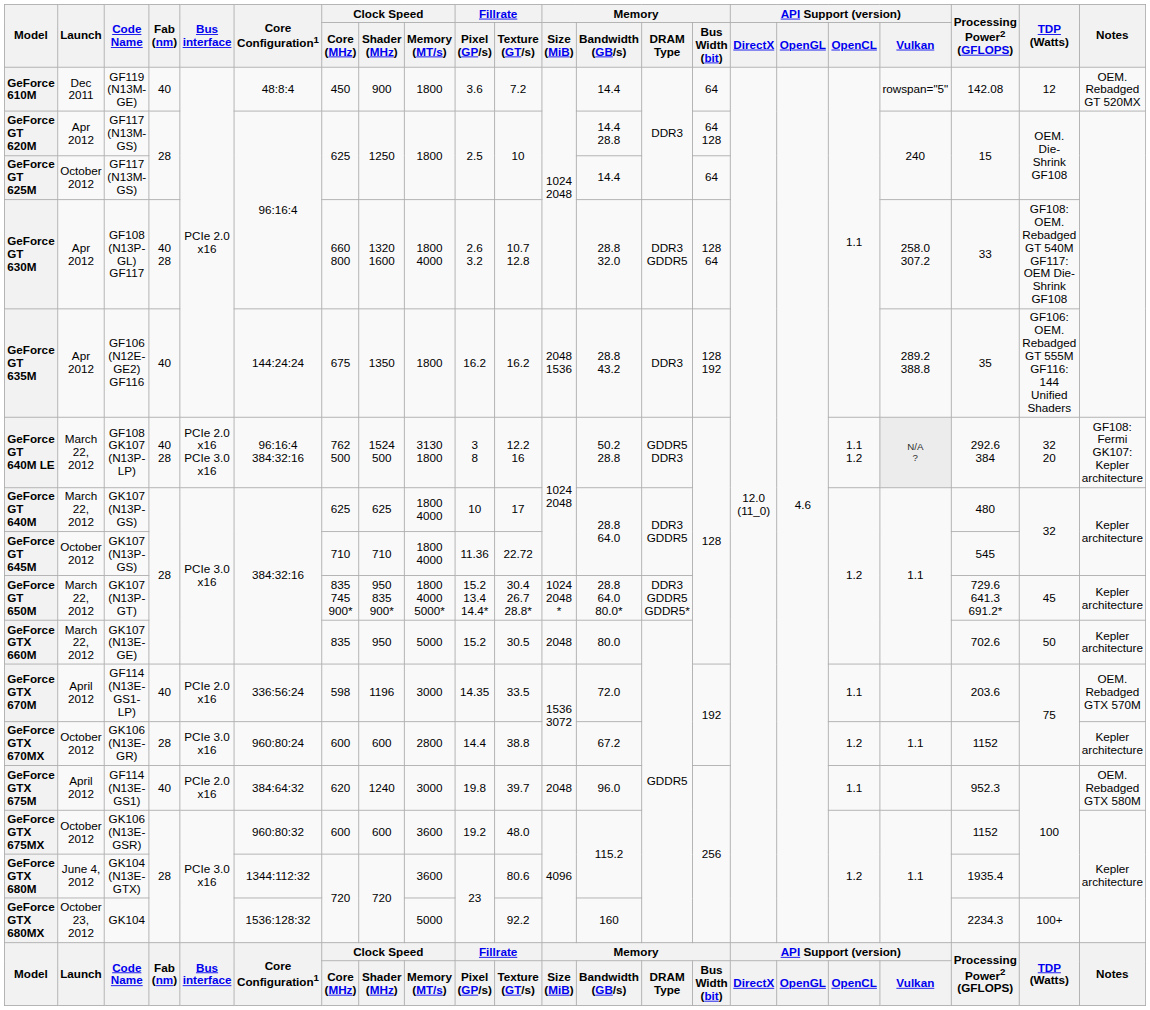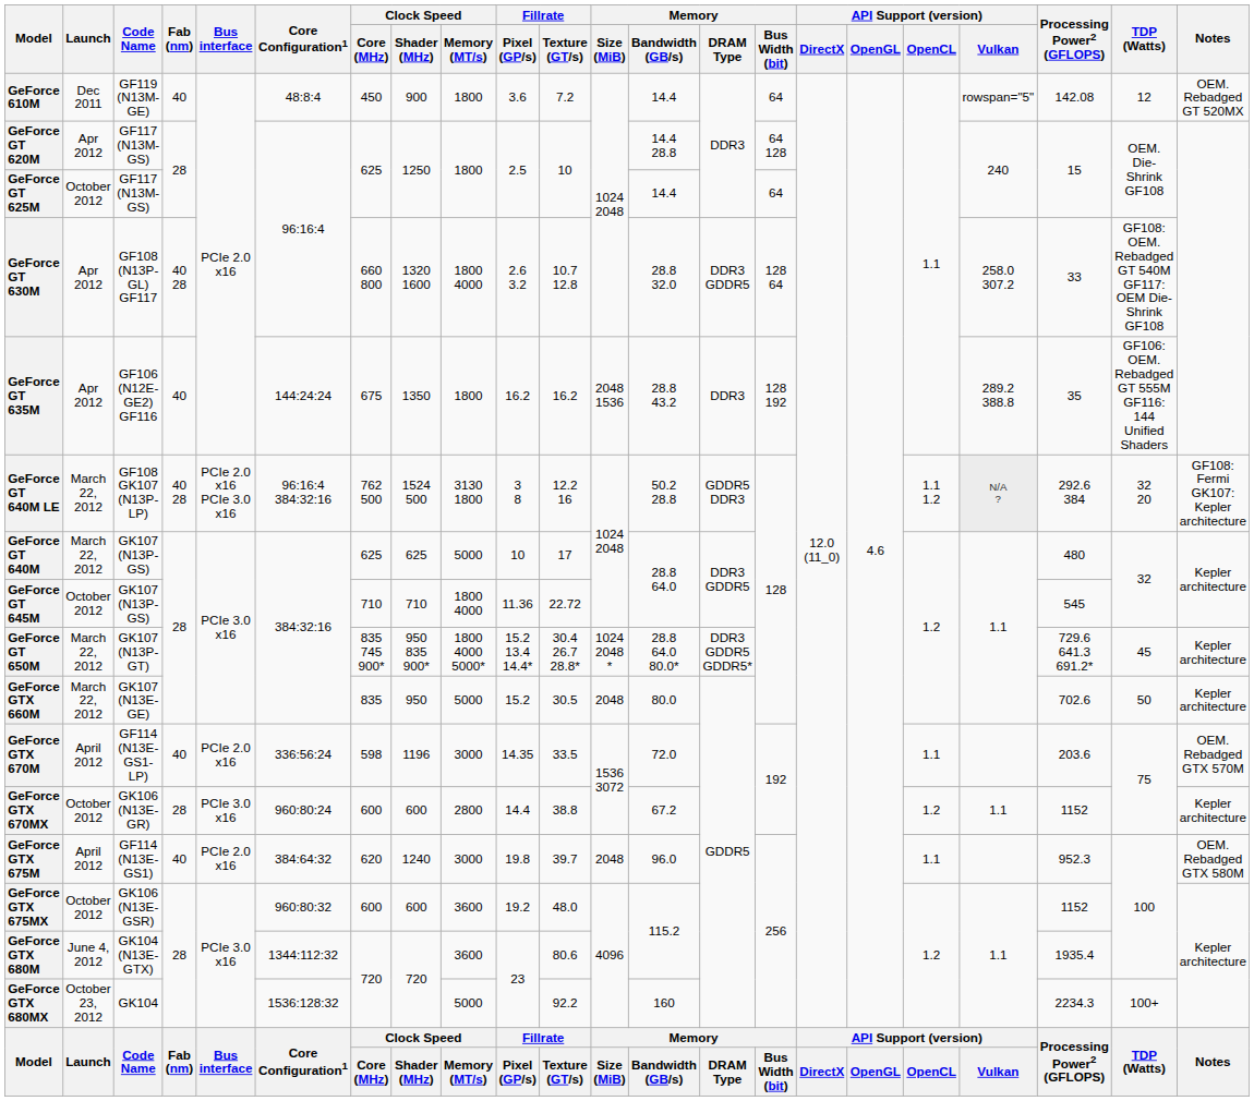 <table class="wikitable sortable sort-under mw-datatable" style="font-size: 85%; text-align: center;">
 <tr>
 <th rowspan=2>Model</th>
 <th rowspan=2>Launch</th>
 <th rowspan=2><a href='#'>Code Name</a></th>
 <th rowspan=2>Fab (<a href='#'>nm</a>)</th>
 <th rowspan=2><a href='#'>Bus</a> <a href='#'>interface</a></th>
 <th rowspan=2>Core Configuration<sup>1</sup></th>
 <th colspan=3>Clock Speed</th>
 <th colspan=2><a href='#'>Fillrate</a></th>
 <th colspan=4>Memory</th>
 <th colspan=4><a href='#'>API</a> Support (version)</th>
 <th rowspan=2>Processing Power<sup>2</sup><br> (<a href='#'>GFLOPS</a>)</th>
 <th rowspan=2><a href='#'>TDP</a> (Watts)</th>
 <th rowspan=2>Notes</th>
 </tr>
 <tr>
 <th>Core (<a href='#'>MHz</a>)</th>
 <th>Shader (<a href='#'>MHz</a>)</th>
 <th>Memory (<a href='#'>MT/s</a>)</th>
 <th>Pixel (<a href='#'>GP</a>/s)</th>
 <th>Texture (<a href='#'>GT</a>/s)</th>
 <th>Size (<a href='#'>MiB</a>)</th>
 <th>Bandwidth (<a href='#'>GB</a>/s)</th>
 <th>DRAM Type</th>
 <th>Bus Width (<a href='#'>bit</a>)</th>
 <th><a href='#'>DirectX</a></th>
 <th><a href='#'>OpenGL</a></th>
 <th><a href='#'>OpenCL</a></th>
 <th><a href='#'>Vulkan</a></th>
 </tr>
 <tr>
 <th style="text-align:left;">GeForce 610M</th>
 <td>Dec 2011</td>
 <td>GF119 (N13M-GE)</td>
 <td>40</td>
 <td rowspan="5">PCIe 2.0 x16</td>
 <td>48:8:4</td>
 <td>450</td>
 <td>900</td>
 <td>1800</td>
 <td>3.6</td>
 <td>7.2</td>
 <td rowspan="4">1024<br>2048</td>
 <td>14.4</td>
 <td rowspan="3">DDR3</td>
 <td>64</td>
 <td rowspan="16">12.0 (11_0)</td>
 <td rowspan="16">4.6</td>
 <td rowspan="5">1.1</td>
 <td>rowspan="5" </td>
 <td>142.08</td>
 <td>12</td>
 <td>OEM. Rebadged GT 520MX</td>
 </tr>
 <tr>
 <th style="text-align:left;">GeForce GT 620M</th>
 <td>Apr 2012</td>
 <td>GF117 (N13M-GS)</td>
 <td rowspan="2">28</td>
 <td rowspan="3">96:16:4</td>
 <td rowspan="2">625</td>
 <td rowspan="2">1250</td>
 <td rowspan="2">1800</td>
 <td rowspan="2">2.5</td>
 <td rowspan="2">10</td>
 <td>14.4<br>28.8</td>
 <td>64<br>128</td>
 <td rowspan="2">240</td>
 <td rowspan="2">15</td>
 <td rowspan="2">OEM. Die-Shrink GF108</td>
 </tr>
 <tr>
 <th style="text-align:left;">GeForce GT 625M</th>
 <td>October 2012</td>
 <td>GF117 (N13M-GS)</td>
 <td>14.4</td>
 <td>64</td>
 </tr>
 <tr>
 <th style="text-align:left;">GeForce GT 630M</th>
 <td>Apr 2012</td>
 <td>GF108 (N13P-GL)<br>GF117</td>
 <td>40<br>28</td>
 <td>660<br>800</td>
 <td>1320<br>1600</td>
 <td>1800<br>4000</td>
 <td>2.6<br>3.2</td>
 <td>10.7<br>12.8</td>
 <td>28.8<br>32.0</td>
 <td>DDR3<br>GDDR5</td>
 <td>128<br>64</td>
 <td>258.0<br>307.2</td>
 <td>33</td>
 <td>GF108: OEM. Rebadged GT 540M<br>GF117: OEM Die-Shrink GF108</td>
 </tr>
 <tr>
 <th style="text-align:left;">GeForce GT 635M</th>
 <td>Apr 2012</td>
 <td>GF106 (N12E-GE2)<br>GF116</td>
 <td>40</td>
 <td>144:24:24</td>
 <td>675</td>
 <td>1350</td>
 <td>1800</td>
 <td>16.2</td>
 <td>16.2</td>
 <td>2048<br>1536</td>
 <td>28.8<br>43.2</td>
 <td>DDR3</td>
 <td>128<br>192</td>
 <td>289.2<br>388.8</td>
 <td>35</td>
 <td>GF106: OEM. Rebadged GT 555M<br>GF116: 144 Unified Shaders</td>
 </tr>
 <tr>
 <th style="text-align:left;">GeForce GT 640M LE</th>
 <td>March 22, 2012</td>
 <td>GF108<br>GK107 (N13P-LP)</td>
 <td>40<br>28</td>
 <td>PCIe 2.0 x16<br>PCIe 3.0 x16</td>
 <td>96:16:4<br>384:32:16</td>
 <td>762<br>500</td>
 <td>1524<br>500</td>
 <td>3130<br>1800</td>
 <td>3<br>8</td>
 <td>12.2<br>16</td>
 <td rowspan="3">1024<br>2048</td>
 <td>50.2<br>28.8</td>
 <td>GDDR5<br>DDR3</td>
 <td rowspan="5">128</td>
 <td>1.1<br>1.2</td>
 <td style="background: #ececec; color: #2C2C2C; font-size: smaller; vertical-align: middle; text-align: center; ">N/A<br>?</td>
 <td>292.6<br>384</td>
 <td>32<br>20</td>
 <td>GF108: Fermi<br>GK107: Kepler architecture</td>
 </tr>
 <tr>
 <th style="text-align:left;">GeForce GT 640M</th>
 <td>March 22, 2012</td>
 <td>GK107 (N13P-GS)</td>
 <td rowspan="4">28</td>
 <td rowspan="4">PCIe 3.0 x16</td>
 <td rowspan="4">384:32:16</td>
 <td>625</td>
 <td>625</td>
-<td>1800<br>4000</td>
+<td>5000</td>
 <td>10</td>
 <td>17</td>
 <td rowspan="2">28.8<br>64.0</td>
 <td rowspan="2">DDR3<br>GDDR5</td>
 <td rowspan="4">1.2</td>
 <td rowspan="4">1.1</td>
 <td>480</td>
 <td rowspan="2">32</td>
 <td rowspan="2">Kepler architecture</td>
 </tr>
 <tr>
 <th style="text-align:left;">GeForce GT 645M</th>
 <td>October 2012</td>
 <td>GK107 (N13P-GS)</td>
 <td>710</td>
 <td>710</td>
 <td>1800<br>4000</td>
 <td>11.36</td>
 <td>22.72</td>
 <td>545</td>
 </tr>
 <tr>
 <th style="text-align:left;">GeForce GT 650M</th>
 <td>March 22, 2012</td>
 <td>GK107 (N13P-GT)</td>
 <td>835<br>745<br>900*</td>
 <td>950<br>835<br>900*</td>
 <td>1800<br>4000<br>5000*</td>
 <td>15.2<br>13.4<br>14.4*</td>
 <td>30.4<br>26.7<br>28.8*</td>
 <td>1024<br>2048<br>*</td>
 <td>28.8<br>64.0<br>80.0*</td>
 <td>DDR3<br>GDDR5<br>GDDR5*</td>
 <td>729.6<br>641.3<br>691.2*</td>
 <td>45</td>
 <td>Kepler architecture</td>
 </tr>
 <tr>
 <th style="text-align:left;">GeForce GTX 660M</th>
 <td>March 22, 2012</td>
 <td>GK107 (N13E-GE)</td>
 <td>835</td>
 <td>950</td>
 <td>5000</td>
 <td>15.2</td>
 <td>30.5</td>
 <td>2048</td>
 <td>80.0</td>
 <td rowspan="7">GDDR5</td>
 <td>702.6</td>
 <td>50</td>
 <td>Kepler architecture</td>
 </tr>
 <tr>
 <th style="text-align:left;">GeForce GTX 670M</th>
 <td>April 2012</td>
 <td>GF114 (N13E-GS1-LP)</td>
 <td>40</td>
 <td>PCIe 2.0 x16</td>
 <td>336:56:24</td>
 <td>598</td>
 <td>1196</td>
 <td>3000</td>
 <td>14.35</td>
 <td>33.5</td>
 <td rowspan="2">1536<br>3072</td>
 <td>72.0</td>
 <td rowspan="2">192</td>
 <td>1.1</td>
 <td></td>
 <td>203.6</td>
 <td rowspan="2">75</td>
 <td>OEM. Rebadged GTX 570M</td>
 </tr>
 <tr>
 <th style="text-align:left;">GeForce GTX 670MX</th>
 <td>October 2012</td>
 <td>GK106 (N13E-GR)</td>
 <td>28</td>
 <td>PCIe 3.0 x16</td>
 <td>960:80:24</td>
 <td>600</td>
 <td>600</td>
 <td>2800</td>
 <td>14.4</td>
 <td>38.8</td>
 <td>67.2</td>
 <td>1.2</td>
 <td>1.1</td>
 <td>1152</td>
 <td>Kepler architecture</td>
 </tr>
 <tr>
 <th style="text-align:left;">GeForce GTX 675M</th>
 <td>April 2012</td>
 <td>GF114 (N13E-GS1)</td>
 <td>40</td>
 <td>PCIe 2.0 x16</td>
 <td>384:64:32</td>
 <td>620</td>
 <td>1240</td>
 <td>3000</td>
 <td>19.8</td>
 <td>39.7</td>
 <td>2048</td>
 <td>96.0</td>
 <td rowspan="4">256</td>
 <td>1.1</td>
 <td></td>
 <td>952.3</td>
 <td rowspan="3">100</td>
 <td>OEM. Rebadged GTX 580M</td>
 </tr>
 <tr>
 <th style="text-align:left;">GeForce GTX 675MX</th>
 <td>October 2012</td>
 <td>GK106 (N13E-GSR)</td>
 <td rowspan="3">28</td>
 <td rowspan="3">PCIe 3.0 x16</td>
 <td>960:80:32</td>
 <td>600</td>
 <td>600</td>
 <td>3600</td>
 <td>19.2</td>
 <td>48.0</td>
 <td rowspan="3">4096</td>
 <td rowspan="2">115.2</td>
 <td rowspan="3">1.2</td>
 <td rowspan="3">1.1</td>
 <td>1152</td>
 <td rowspan="3">Kepler architecture</td>
 </tr>
 <tr>
 <th style="text-align:left;">GeForce GTX 680M</th>
 <td>June 4, 2012</td>
 <td>GK104 (N13E-GTX)</td>
 <td>1344:112:32</td>
 <td rowspan="2">720</td>
 <td rowspan="2">720</td>
 <td>3600</td>
 <td rowspan="2">23</td>
 <td>80.6</td>
 <td>1935.4</td>
 </tr>
 <tr>
 <th style="text-align:left;">GeForce GTX 680MX</th>
 <td>October 23, 2012</td>
 <td>GK104</td>
 <td>1536:128:32</td>
 <td>5000</td>
 <td>92.2</td>
 <td>160</td>
 <td>2234.3</td>
 <td>100+</td>
 </tr>
 <tr>
 <th rowspan=2>Model</th>
 <th rowspan=2>Launch</th>
 <th rowspan=2><a href='#'>Code Name</a></th>
 <th rowspan=2>Fab (<a href='#'>nm</a>)</th>
 <th rowspan=2><a href='#'>Bus</a> <a href='#'>interface</a></th>
 <th rowspan=2>Core Configuration<sup>1</sup></th>
 <th colspan=3>Clock Speed</th>
 <th colspan=2><a href='#'>Fillrate</a></th>
 <th colspan=4>Memory</th>
 <th colspan=4><a href='#'>API</a> Support (version)</th>
 <th rowspan=2>Processing Power<sup>2</sup><br> (GFLOPS)</th>
 <th rowspan=2><a href='#'>TDP</a> (Watts)</th>
 <th rowspan=2>Notes</th>
 </tr>
 <tr>
 <th>Core (<a href='#'>MHz</a>)</th>
 <th>Shader (<a href='#'>MHz</a>)</th>
 <th>Memory (<a href='#'>MT/s</a>)</th>
 <th>Pixel (<a href='#'>GP</a>/s)</th>
 <th>Texture (<a href='#'>GT</a>/s)</th>
 <th>Size (<a href='#'>MiB</a>)</th>
 <th>Bandwidth (<a href='#'>GB</a>/s)</th>
 <th>DRAM Type</th>
 <th>Bus Width (<a href='#'>bit</a>)</th>
 <th><a href='#'>DirectX</a></th>
 <th><a href='#'>OpenGL</a></th>
 <th><a href='#'>OpenCL</a></th>
 <th><a href='#'>Vulkan</a></th>
 </tr>
 </table>
